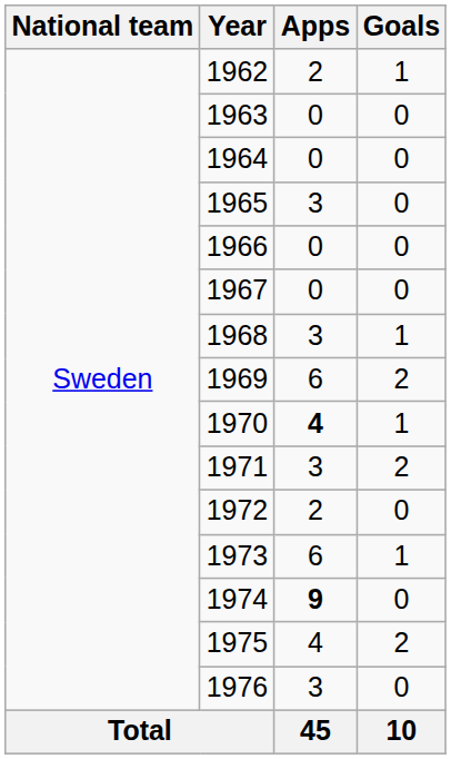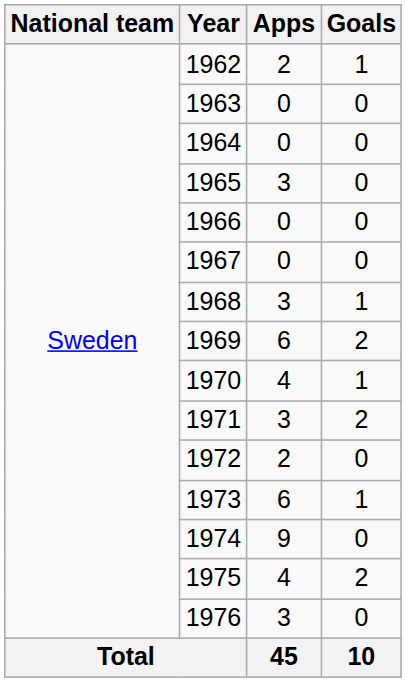 <table class="wikitable" style="text-align:center">
 <tr>
 <th>National team</th>
 <th>Year</th>
 <th>Apps</th>
 <th>Goals</th>
 </tr>
 <tr>
 <td rowspan="15"><a href='#'>Sweden</a></td>
 <td>1962</td>
 <td>2</td>
 <td>1</td>
 </tr>
 <tr>
 <td>1963</td>
 <td>0</td>
 <td>0</td>
 </tr>
 <tr>
 <td>1964</td>
 <td>0</td>
 <td>0</td>
 </tr>
 <tr>
 <td>1965</td>
 <td>3</td>
 <td>0</td>
 </tr>
 <tr>
 <td>1966</td>
 <td>0</td>
 <td>0</td>
 </tr>
 <tr>
 <td>1967</td>
 <td>0</td>
 <td>0</td>
 </tr>
 <tr>
 <td>1968</td>
 <td>3</td>
 <td>1</td>
 </tr>
 <tr>
 <td>1969</td>
 <td>6</td>
 <td>2</td>
 </tr>
 <tr>
 <td>1970</td>
-<td><strong>4</strong></td>
+<td>4</td>
 <td>1</td>
 </tr>
 <tr>
 <td>1971</td>
 <td>3</td>
 <td>2</td>
 </tr>
 <tr>
 <td>1972</td>
 <td>2</td>
 <td>0</td>
 </tr>
 <tr>
 <td>1973</td>
 <td>6</td>
 <td>1</td>
 </tr>
 <tr>
 <td>1974</td>
-<td><strong>9</strong></td>
+<td>9</td>
 <td>0</td>
 </tr>
 <tr>
 <td>1975</td>
 <td>4</td>
 <td>2</td>
 </tr>
 <tr>
 <td>1976</td>
 <td>3</td>
 <td>0</td>
 </tr>
 <tr>
 <th colspan="2">Total</th>
 <th>45</th>
 <th>10</th>
 </tr>
 </table>
